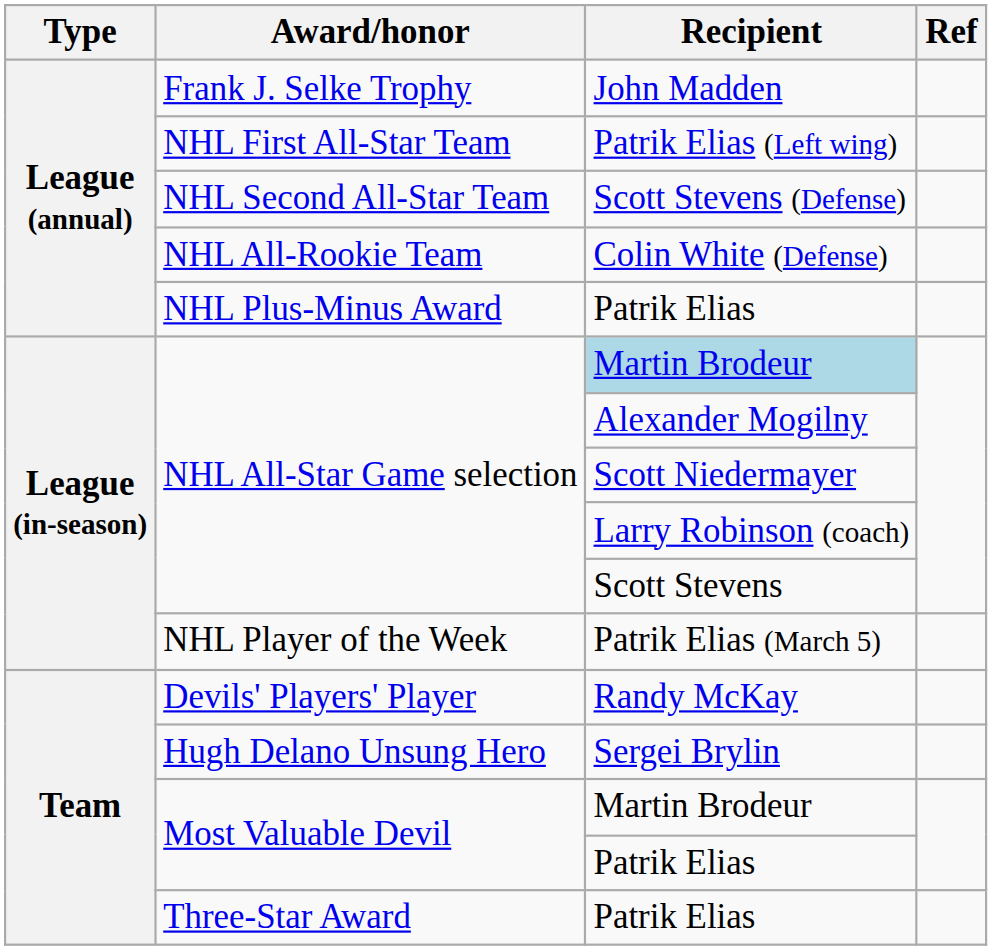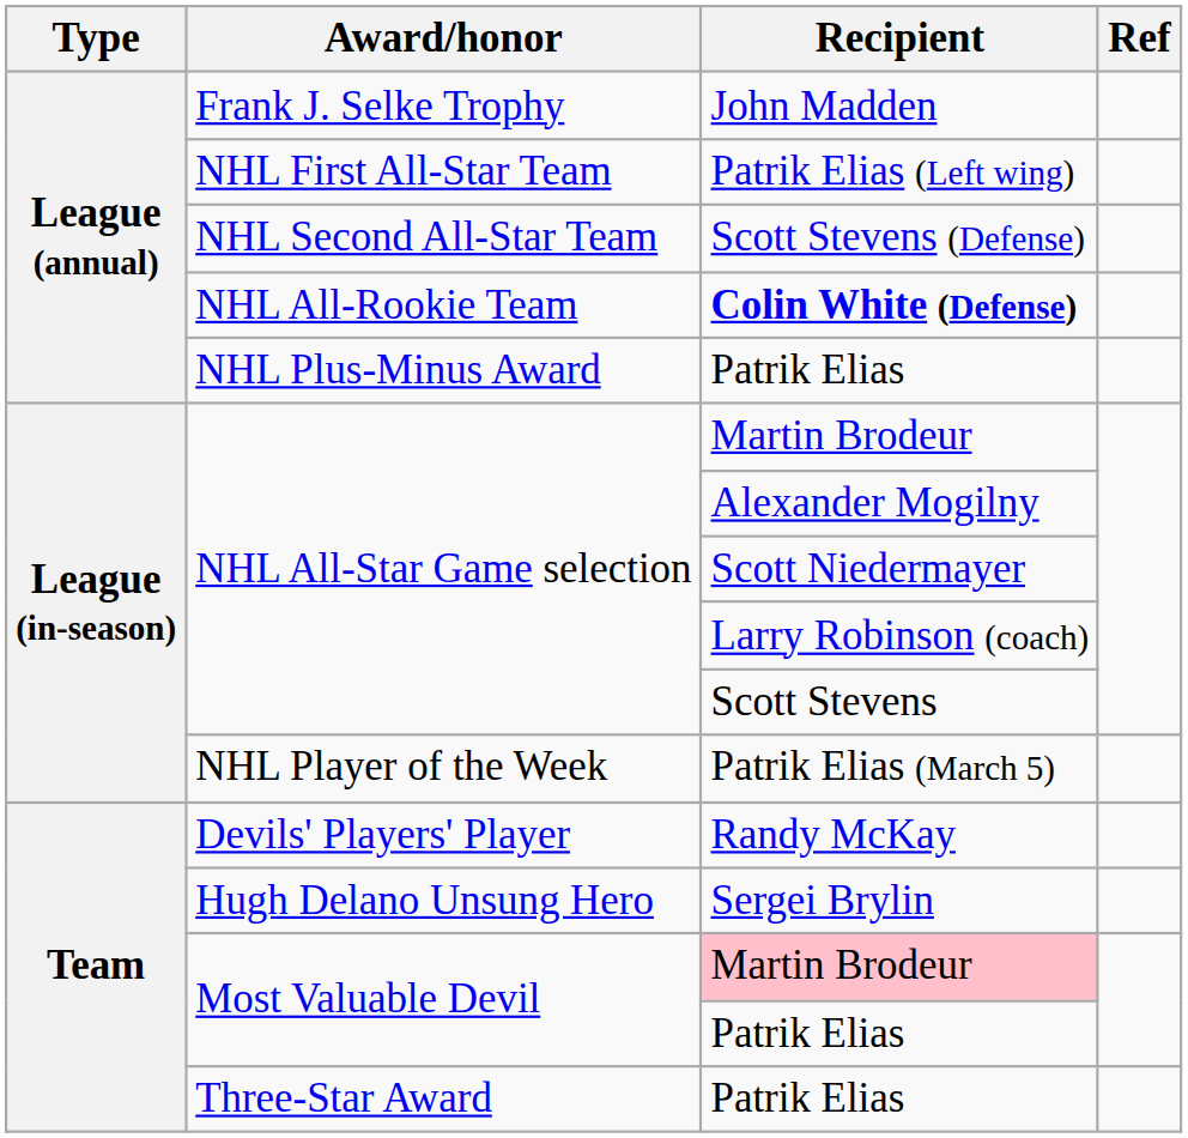 <table class="wikitable">
 <tr>
 <th scope="col">Type</th>
 <th scope="col">Award/honor</th>
 <th scope="col">Recipient</th>
 <th scope="col">Ref</th>
 </tr>
 <tr>
 <th scope="row" rowspan="5">League<br><small>(annual)</small></th>
 <td><a href='#'>Frank J. Selke Trophy</a></td>
 <td><a href='#'>John Madden</a></td>
 <td></td>
 </tr>
 <tr>
 <td><a href='#'>NHL First All-Star Team</a></td>
 <td><a href='#'>Patrik Elias</a> <small>(<a href='#'>Left wing</a>)</small></td>
 <td></td>
 </tr>
 <tr>
 <td><a href='#'>NHL Second All-Star Team</a></td>
 <td><a href='#'>Scott Stevens</a> <small>(<a href='#'>Defense</a>)</small></td>
 <td></td>
 </tr>
 <tr>
 <td><a href='#'>NHL All-Rookie Team</a></td>
-<td><a href='#'>Colin White</a> <small>(<a href='#'>Defense</a>)</small></td>
+<td><strong><a href='#'>Colin White</a> <small>(<a href='#'>Defense</a>)</small></strong></td>
 <td></td>
 </tr>
 <tr>
 <td><a href='#'>NHL Plus-Minus Award</a></td>
 <td>Patrik Elias</td>
 <td></td>
 </tr>
 <tr>
 <th scope="row" rowspan="6">League<br><small>(in-season)</small></th>
 <td rowspan="5"><a href='#'>NHL All-Star Game</a> selection</td>
-<td style="background: lightblue;"><a href='#'>Martin Brodeur</a></td>
+<td><a href='#'>Martin Brodeur</a></td>
 <td rowspan="5"></td>
 </tr>
 <tr>
 <td><a href='#'>Alexander Mogilny</a></td>
 </tr>
 <tr>
 <td><a href='#'>Scott Niedermayer</a></td>
 </tr>
 <tr>
 <td><a href='#'>Larry Robinson</a> <small>(coach)</small></td>
 </tr>
 <tr>
 <td>Scott Stevens</td>
 </tr>
 <tr>
 <td>NHL Player of the Week</td>
 <td>Patrik Elias <small>(March 5)</small></td>
 <td></td>
 </tr>
 <tr>
 <th scope="row" rowspan="5">Team</th>
 <td><a href='#'>Devils' Players' Player</a></td>
 <td><a href='#'>Randy McKay</a></td>
 <td></td>
 </tr>
 <tr>
 <td><a href='#'>Hugh Delano Unsung Hero</a></td>
 <td><a href='#'>Sergei Brylin</a></td>
 <td></td>
 </tr>
 <tr>
 <td rowspan="2"><a href='#'>Most Valuable Devil</a></td>
-<td>Martin Brodeur</td>
+<td style="background: pink;">Martin Brodeur</td>
 <td rowspan="2"></td>
 </tr>
 <tr>
 <td>Patrik Elias</td>
 </tr>
 <tr>
 <td><a href='#'>Three-Star Award</a></td>
 <td>Patrik Elias</td>
 <td></td>
 </tr>
 </table>
